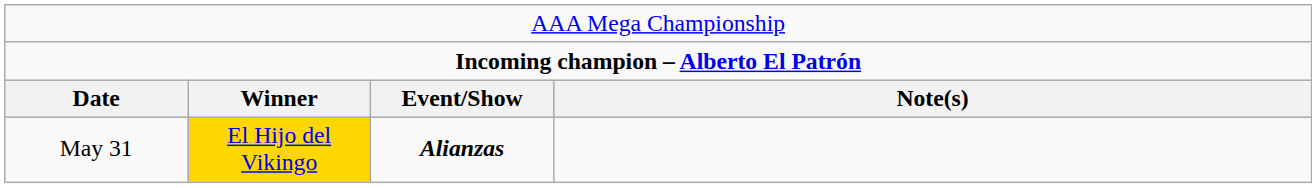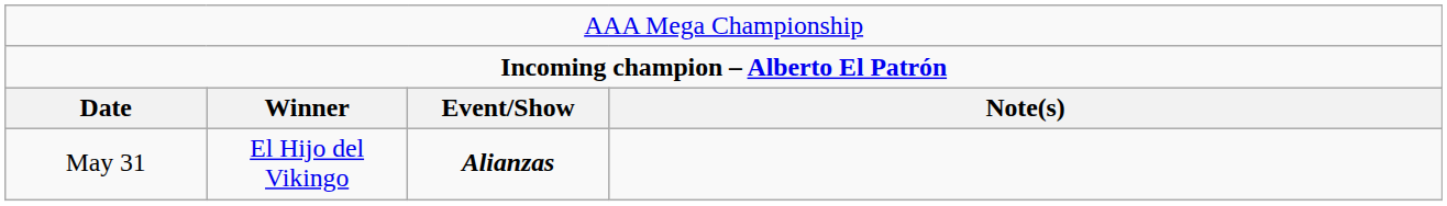 <table class="wikitable" style="text-align:center; width:100%;">
 <tr>
 <td colspan="4" style="text-align: center;"><a href='#'>AAA Mega Championship</a></td>
 </tr>
 <tr>
 <td colspan="4" style="text-align: center;"><strong>Incoming champion – <a href='#'>Alberto El Patrón</a></strong></td>
 </tr>
 <tr>
 <th width=14%>Date</th>
 <th width=14%>Winner</th>
 <th width=14%>Event/Show</th>
 <th width=58%>Note(s)</th>
 </tr>
 <tr>
 <td>May 31</td>
-<td style="background: gold;"><a href='#'>El Hijo del Vikingo</a></td>
+<td><a href='#'>El Hijo del Vikingo</a></td>
 <td><strong><em>Alianzas</em></strong></td>
 <td></td>
 </tr>
 </table>
